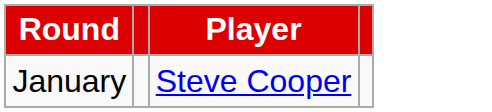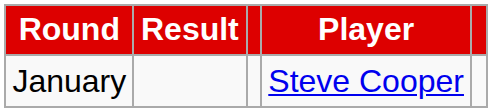 <table class="wikitable" style="text-align:center">
 <tr>
 <th style="background:#DD0000; color:#FFFFFF;">Round</th>
+<th style="background:#DD0000; color:#FFFFFF;">Result</th>
 <th style="background:#DD0000; color:#FFFFFF;"></th>
 <th style="background:#DD0000;color:#FFFFFF;">Player</th>
 <th style="background:#DD0000; color:#FFFFFF;"></th>
 </tr>
 <tr>
 <td>January</td>
 <td></td>
+<td></td>
 <td><a href='#'> Steve Cooper</a></td>
 <td></td>
 </tr>
 </table>
